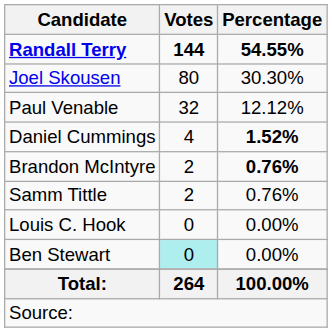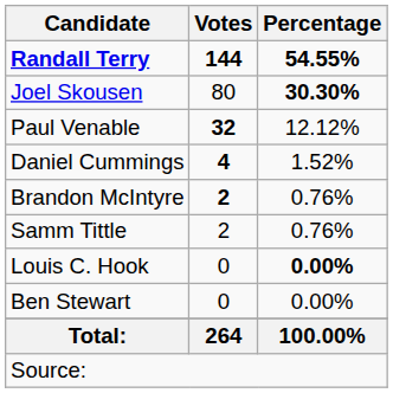 <table class="wikitable sortable tpl-blanktable" style="font-size:90%;text-align:center;">
 <tr>
 <th rowspan="2">Candidate</th>
 <th rowspan="2">Votes</th>
 <th rowspan="2">Percentage</th>
 </tr>
 <tr>
 </tr>
 <tr>
 <td style="text-align:left;"><strong><a href='#'>Randall Terry</a> </strong></td>
 <td><strong>144</strong></td>
 <td><strong>54.55%</strong></td>
 </tr>
 <tr>
 <td style="text-align:left;"><a href='#'>Joel Skousen</a></td>
 <td>80</td>
-<td>30.30%</td>
+<td><strong>30.30%</strong></td>
 </tr>
 <tr>
 <td style="text-align:left;">Paul Venable</td>
-<td>32</td>
+<td><strong>32</strong></td>
 <td>12.12%</td>
 </tr>
 <tr>
 <td style="text-align:left;">Daniel Cummings</td>
-<td>4</td>
-<td><strong>1.52%</strong></td>
+<td><strong>4</strong></td>
+<td>1.52%</td>
 </tr>
 <tr>
 <td style="text-align:left;">Brandon McIntyre</td>
-<td>2</td>
-<td><strong>0.76%</strong></td>
+<td><strong>2</strong></td>
+<td>0.76%</td>
 </tr>
 <tr>
 <td style="text-align:left;">Samm Tittle</td>
 <td>2</td>
 <td>0.76%</td>
 </tr>
 <tr>
 <td style="text-align:left;">Louis C. Hook</td>
 <td>0</td>
-<td>0.00%</td>
+<td><strong>0.00%</strong></td>
 </tr>
 <tr>
 <td style="text-align:left;">Ben Stewart</td>
-<td style="background: paleturquoise;">0</td>
+<td>0</td>
 <td>0.00%</td>
 </tr>
 <tr>
 </tr>
 <tr style="background:#eee;">
 <th>Total:</th>
 <th>264</th>
 <th>100.00%</th>
 </tr>
 <tr>
 <td colspan="5" style="text-align:left;">Source:</td>
 </tr>
 </table>
